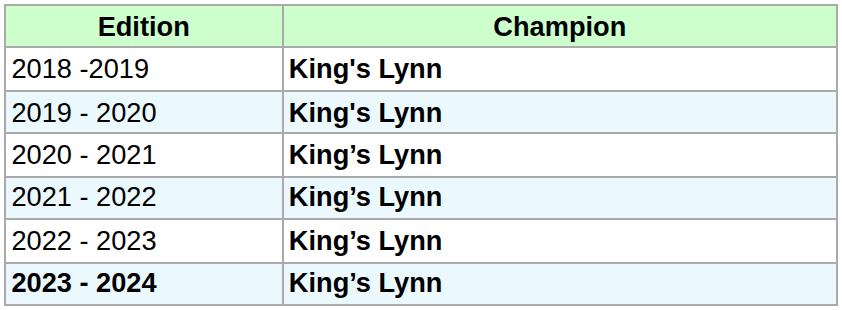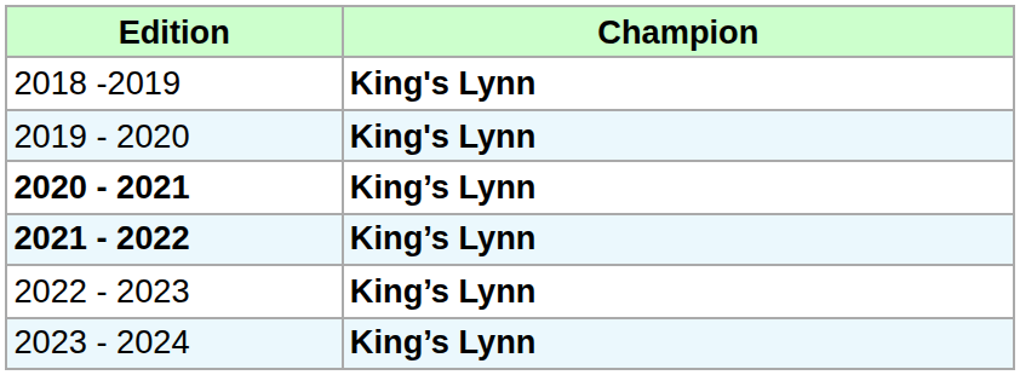 <table class="wikitable" style="font-size:85%; width:33%">
 <tr>
 <th width="33%" style="background:#ccffcc"><strong>Edition</strong></th>
 <th width="66%" style="background:#ccffcc"><strong>Champion</strong></th>
 </tr>
 <tr bgcolor="#FFFFFF">
 <td>2018 -2019</td>
 <td><strong>King's Lynn</strong></td>
 </tr>
 <tr bgcolor="#EBF8FD">
 <td>2019 - 2020</td>
 <td><strong>King's Lynn</strong></td>
 </tr>
 <tr bgcolor="#FFFFFF">
-<td>2020 - 2021</td>
+<td><strong>2020 - 2021</strong></td>
 <td><strong>King’s Lynn</strong></td>
 </tr>
 <tr bgcolor="#EBF8FD">
-<td>2021 - 2022</td>
+<td><strong>2021 - 2022</strong></td>
 <td><strong>King’s Lynn</strong></td>
 </tr>
 <tr bgcolor="#FFFFFF">
 <td>2022 - 2023</td>
 <td><strong>King’s Lynn</strong></td>
 </tr>
 <tr bgcolor="#EBF8FD">
-<td><strong>2023 - 2024</strong></td>
+<td>2023 - 2024</td>
 <td><strong>King’s Lynn</strong></td>
 </tr>
 </table>
